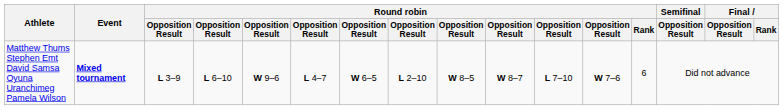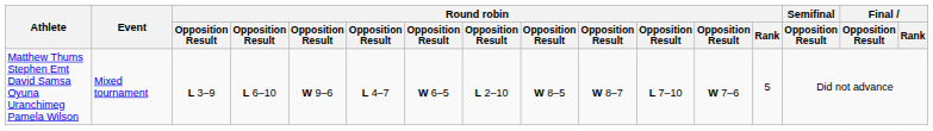 <table class=wikitable style=font-size:90%>
 <tr>
 <th rowspan=2>Athlete</th>
 <th rowspan=2>Event</th>
 <th colspan=11>Round robin</th>
 <th>Semifinal</th>
 <th colspan=2>Final / </th>
 </tr>
 <tr style=font-size:95%>
 <th>Opposition<br>Result</th>
 <th>Opposition<br>Result</th>
 <th>Opposition<br>Result</th>
 <th>Opposition<br>Result</th>
 <th>Opposition<br>Result</th>
 <th>Opposition<br>Result</th>
 <th>Opposition<br>Result</th>
 <th>Opposition<br>Result</th>
 <th>Opposition<br>Result</th>
 <th>Opposition<br>Result</th>
 <th>Rank</th>
 <th>Opposition<br>Result</th>
 <th>Opposition<br>Result</th>
 <th>Rank</th>
 </tr>
 <tr align=center>
 <td align=left><a href='#'>Matthew Thums</a><br><a href='#'>Stephen Emt</a><br><a href='#'>David Samsa</a><br><a href='#'>Oyuna Uranchimeg</a><br><a href='#'>Pamela Wilson</a></td>
-<td align=left><strong><a href='#'>Mixed tournament</a></strong></td>
+<td align=left><a href='#'>Mixed tournament</a></td>
 <td><br><strong>L</strong> 3–9</td>
 <td><br><strong>L</strong> 6–10</td>
 <td><br><strong>W</strong> 9–6</td>
 <td><br><strong>L</strong> 4–7</td>
 <td><br><strong>W</strong> 6–5</td>
 <td><br><strong>L</strong> 2–10</td>
 <td><br><strong>W</strong> 8–5</td>
 <td><br><strong>W</strong> 8–7</td>
 <td><br><strong>L</strong> 7–10</td>
 <td><br><strong>W</strong> 7–6</td>
-<td>6</td>
+<td>5</td>
 <td colspan=3>Did not advance</td>
 </tr>
 </table>
